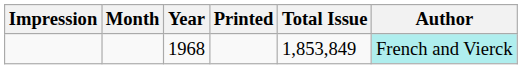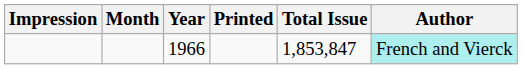 <table class="wikitable">
 <tr>
 <th>Impression</th>
 <th>Month</th>
 <th>Year</th>
 <th>Printed</th>
 <th>Total Issue</th>
 <th>Author</th>
 </tr>
 <tr>
 <td></td>
 <td></td>
-<td>1968</td>
+<td>1966</td>
 <td></td>
-<td>1,853,849</td>
+<td>1,853,847</td>
 <td style="background: paleturquoise;">French and Vierck</td>
 </tr>
 </table>
